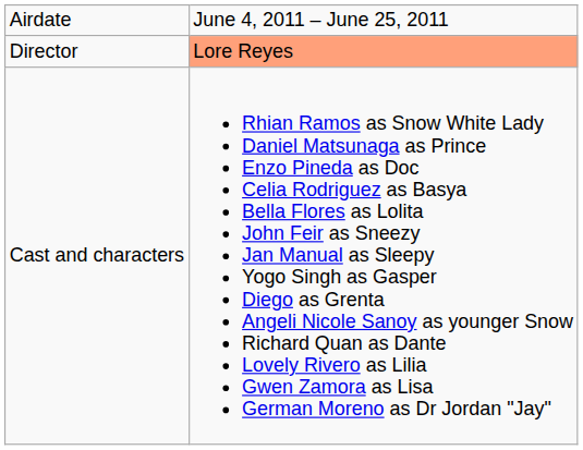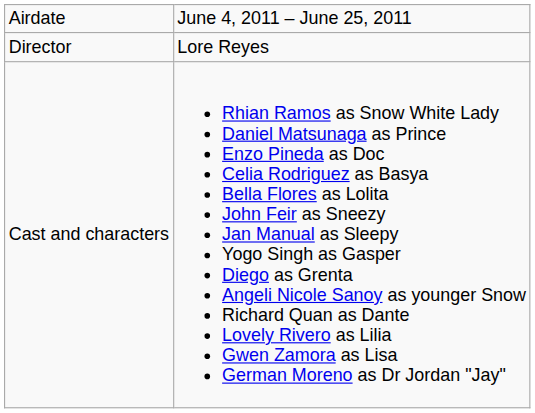 <table class="wikitable">
 <tr>
 <td>Airdate</td>
 <td>June 4, 2011 – June 25, 2011</td>
 </tr>
 <tr>
 <td>Director</td>
-<td style="background: lightsalmon;">Lore Reyes</td>
+<td>Lore Reyes</td>
 </tr>
 <tr>
 <td>Cast and characters</td>
 <td><br><ul><li><a href='#'>Rhian Ramos</a> as Snow White Lady</li><li><a href='#'>Daniel Matsunaga</a> as Prince</li><li><a href='#'>Enzo Pineda</a> as Doc</li><li><a href='#'>Celia Rodriguez</a> as Basya</li><li><a href='#'>Bella Flores</a> as Lolita</li><li><a href='#'>John Feir</a> as Sneezy</li><li><a href='#'>Jan Manual</a> as Sleepy</li><li>Yogo Singh as Gasper</li><li><a href='#'>Diego</a> as Grenta</li><li><a href='#'>Angeli Nicole Sanoy</a> as younger Snow</li><li>Richard Quan as Dante</li><li><a href='#'>Lovely Rivero</a> as Lilia</li><li><a href='#'>Gwen Zamora</a> as Lisa</li><li><a href='#'>German Moreno</a> as Dr Jordan "Jay"</li></ul></td>
 </tr>
 </table>
